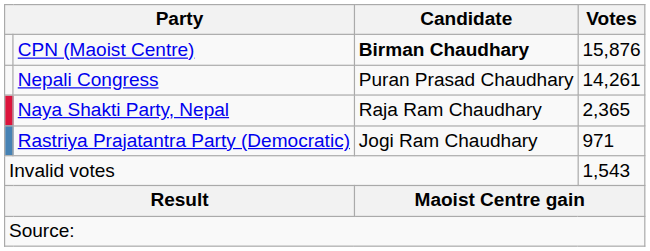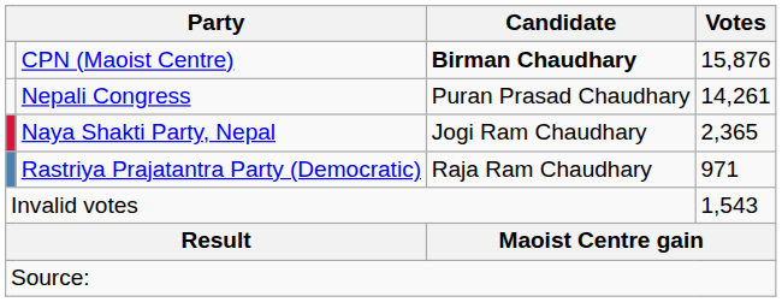 <table class="wikitable">
 <tr>
 <th colspan="2">Party</th>
 <th>Candidate</th>
 <th>Votes</th>
 </tr>
 <tr>
 <td style="background-color:"></td>
 <td><a href='#'>CPN (Maoist Centre)</a></td>
 <td><strong>Birman Chaudhary</strong></td>
 <td>15,876</td>
 </tr>
 <tr>
 <td style="background-color:"></td>
 <td><a href='#'>Nepali Congress</a></td>
 <td>Puran Prasad Chaudhary</td>
 <td>14,261</td>
 </tr>
 <tr>
 <td style="background-color:crimson"></td>
 <td><a href='#'>Naya Shakti Party, Nepal</a></td>
-<td>Raja Ram Chaudhary</td>
+<td>Jogi Ram Chaudhary</td>
 <td>2,365</td>
 </tr>
 <tr>
 <td style="background-color:steelblue"></td>
 <td><a href='#'>Rastriya Prajatantra Party (Democratic)</a></td>
-<td>Jogi Ram Chaudhary</td>
+<td>Raja Ram Chaudhary</td>
 <td>971</td>
 </tr>
 <tr>
 <td colspan="3">Invalid votes</td>
 <td>1,543</td>
 </tr>
 <tr>
 <th colspan="2">Result</th>
 <th colspan="2">Maoist Centre gain</th>
 </tr>
 <tr>
 <td colspan="4">Source: </td>
 </tr>
 </table>
